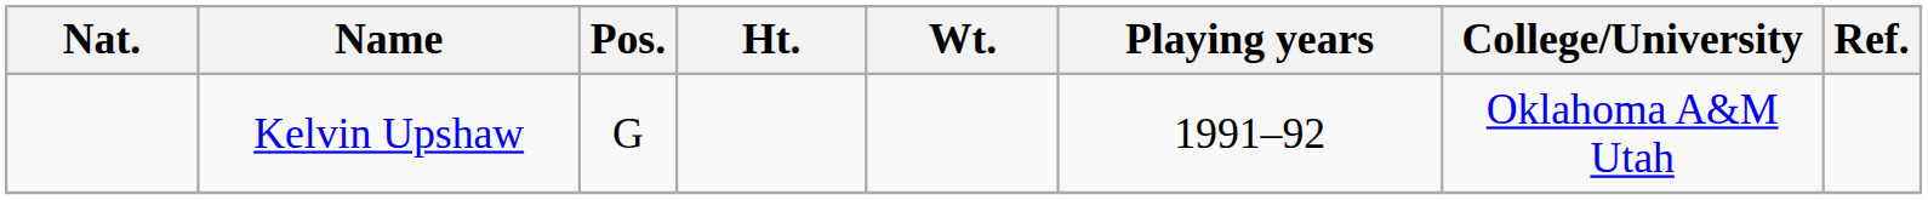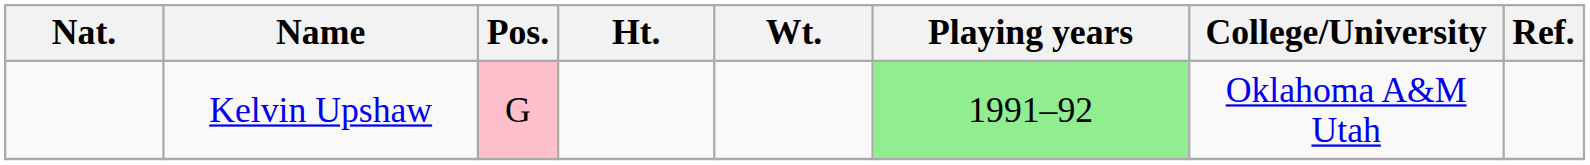 <table class="wikitable" style="text-align:center;">
 <tr>
 <th scope="col" width="10%">Nat.</th>
 <th scope="col" width="20%">Name</th>
 <th scope="col" width="5%">Pos.</th>
 <th scope="col" width="10%">Ht.</th>
 <th scope="col" width="10%">Wt.</th>
 <th scope="col" width="20%">Playing years</th>
 <th scope="col" width="20%">College/University</th>
 <th scope="col" width="5%">Ref.</th>
 </tr>
 <tr>
 <td></td>
 <td><a href='#'>Kelvin Upshaw</a></td>
-<td>G</td>
+<td style="background: pink;">G</td>
 <td></td>
 <td></td>
-<td>1991–92</td>
+<td style="background: lightgreen;">1991–92</td>
 <td><a href='#'>Oklahoma A&M</a><br><a href='#'>Utah</a></td>
 <td></td>
 </tr>
 <tr>
 </tr>
 </table>
